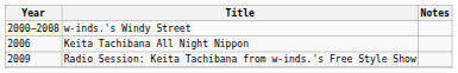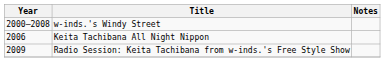 <table class="wikitable sortable">
 <tr>
 <th>Year</th>
 <th>Title</th>
 <th class="unsortable">Notes</th>
 </tr>
 <tr>
-<td style="background: lightyellow;">2000–2008</td>
+<td>2000–2008</td>
 <td>w-inds.'s Windy Street</td>
 <td></td>
 </tr>
 <tr>
 <td>2006</td>
 <td>Keita Tachibana All Night Nippon</td>
 <td></td>
 </tr>
 <tr>
 <td>2009</td>
 <td>Radio Session: Keita Tachibana from w-inds.'s Free Style Show</td>
 <td></td>
 </tr>
 <tr>
 </tr>
 </table>
